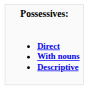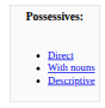 <table style = "margin-left: 1em; border: 1px solid #e0e0e0; background-color: #fafafa; padding: 2px; float: right; clear: right; font-size: 85%">
 <tr>
 <td style = "text-align: center"><strong>Possessives:</strong></td>
 </tr>
 <tr>
-<td style = "font-size: 90%"><strong><br><ul><li><a href='#'>Direct</a></li><li><a href='#'>With nouns</a></li><li><a href='#'>Descriptive</a></li></ul></strong></td>
+<td style = "font-size: 90%"><br><ul><li><a href='#'>Direct</a></li><li><a href='#'>With nouns</a></li><li><a href='#'>Descriptive</a></li></ul></td>
 </tr>
 </table>
